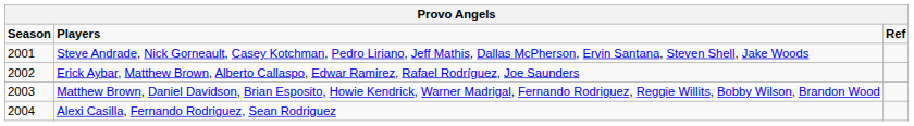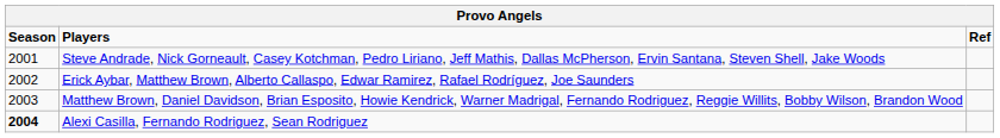 <table class="wikitable collapsible collapsed" style="text-align:left; font-size: 95%;">
 <tr>
 <th colspan=3>Provo Angels</th>
 </tr>
 <tr>
 <td><strong>Season</strong></td>
 <td><strong>Players</strong></td>
 <td><strong>Ref</strong></td>
 </tr>
 <tr>
 <td>2001</td>
 <td><a href='#'>Steve Andrade</a>, <a href='#'>Nick Gorneault</a>, <a href='#'>Casey Kotchman</a>, <a href='#'>Pedro Liriano</a>, <a href='#'>Jeff Mathis</a>, <a href='#'>Dallas McPherson</a>, <a href='#'>Ervin Santana</a>, <a href='#'>Steven Shell</a>, <a href='#'>Jake Woods</a></td>
 <td></td>
 </tr>
 <tr>
 <td>2002</td>
 <td><a href='#'>Erick Aybar</a>, <a href='#'>Matthew Brown</a>, <a href='#'>Alberto Callaspo</a>, <a href='#'>Edwar Ramirez</a>, <a href='#'>Rafael Rodríguez</a>, <a href='#'>Joe Saunders</a></td>
 <td></td>
 </tr>
 <tr>
 <td>2003</td>
 <td><a href='#'>Matthew Brown</a>, <a href='#'>Daniel Davidson</a>, <a href='#'>Brian Esposito</a>, <a href='#'>Howie Kendrick</a>, <a href='#'>Warner Madrigal</a>, <a href='#'>Fernando Rodriguez</a>, <a href='#'>Reggie Willits</a>, <a href='#'>Bobby Wilson</a>, <a href='#'>Brandon Wood</a></td>
 <td></td>
 </tr>
 <tr>
-<td>2004</td>
+<td><strong>2004</strong></td>
 <td><a href='#'>Alexi Casilla</a>, <a href='#'>Fernando Rodriguez</a>, <a href='#'>Sean Rodriguez</a></td>
 <td></td>
 </tr>
 </table>
